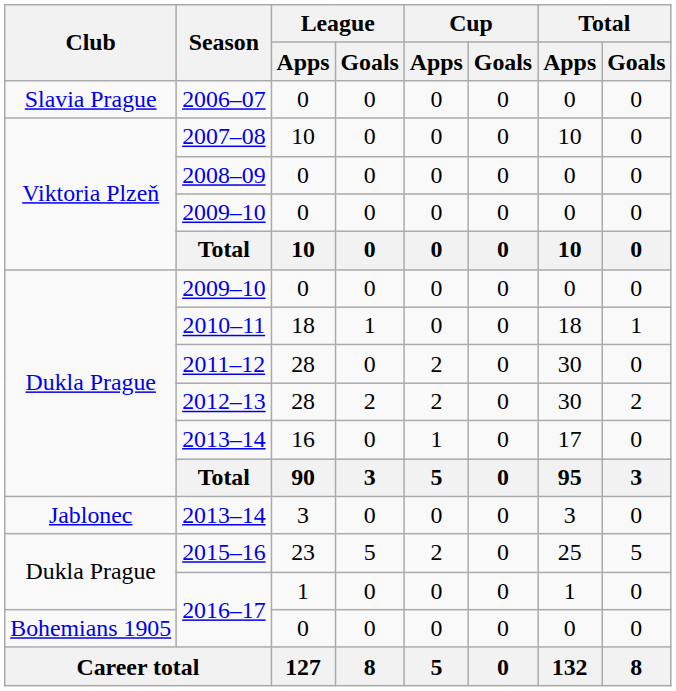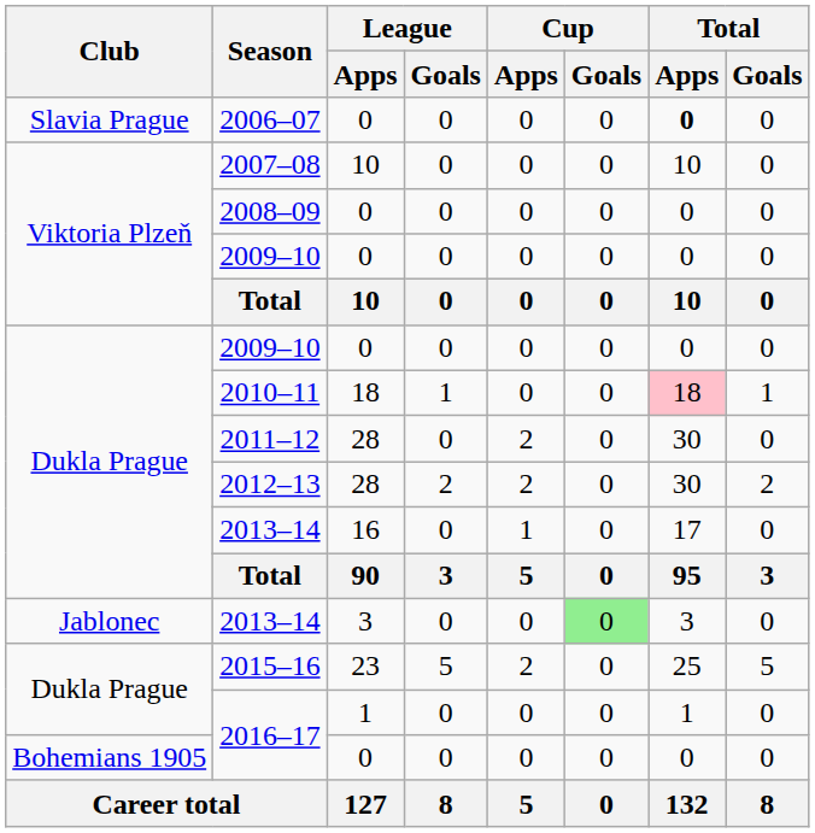 <table class="wikitable" style="text-align:center">
 <tr>
 <th rowspan="2">Club</th>
 <th rowspan="2">Season</th>
 <th colspan="2">League</th>
 <th colspan="2">Cup</th>
 <th colspan="2">Total</th>
 </tr>
 <tr>
 <th>Apps</th>
 <th>Goals</th>
 <th>Apps</th>
 <th>Goals</th>
 <th>Apps</th>
 <th>Goals</th>
 </tr>
 <tr>
 <td><a href='#'>Slavia Prague</a></td>
 <td><a href='#'>2006–07</a></td>
 <td>0</td>
 <td>0</td>
 <td>0</td>
 <td>0</td>
-<td>0</td>
+<td><strong>0</strong></td>
 <td>0</td>
 </tr>
 <tr>
 <td rowspan="4"><a href='#'>Viktoria Plzeň</a></td>
 <td><a href='#'>2007–08</a></td>
 <td>10</td>
 <td>0</td>
 <td>0</td>
 <td>0</td>
 <td>10</td>
 <td>0</td>
 </tr>
 <tr>
 <td><a href='#'>2008–09</a></td>
 <td>0</td>
 <td>0</td>
 <td>0</td>
 <td>0</td>
 <td>0</td>
 <td>0</td>
 </tr>
 <tr>
 <td><a href='#'>2009–10</a></td>
 <td>0</td>
 <td>0</td>
 <td>0</td>
 <td>0</td>
 <td>0</td>
 <td>0</td>
 </tr>
 <tr>
 <th>Total</th>
 <th>10</th>
 <th>0</th>
 <th>0</th>
 <th>0</th>
 <th>10</th>
 <th>0</th>
 </tr>
 <tr>
 <td rowspan="6"><a href='#'>Dukla Prague</a></td>
 <td><a href='#'>2009–10</a></td>
 <td>0</td>
 <td>0</td>
 <td>0</td>
 <td>0</td>
 <td>0</td>
 <td>0</td>
 </tr>
 <tr>
 <td><a href='#'>2010–11</a></td>
 <td>18</td>
 <td>1</td>
 <td>0</td>
 <td>0</td>
-<td>18</td>
+<td style="background: pink;">18</td>
 <td>1</td>
 </tr>
 <tr>
 <td><a href='#'>2011–12</a></td>
 <td>28</td>
 <td>0</td>
 <td>2</td>
 <td>0</td>
 <td>30</td>
 <td>0</td>
 </tr>
 <tr>
 <td><a href='#'>2012–13</a></td>
 <td>28</td>
 <td>2</td>
 <td>2</td>
 <td>0</td>
 <td>30</td>
 <td>2</td>
 </tr>
 <tr>
 <td><a href='#'>2013–14</a></td>
 <td>16</td>
 <td>0</td>
 <td>1</td>
 <td>0</td>
 <td>17</td>
 <td>0</td>
 </tr>
 <tr>
 <th>Total</th>
 <th>90</th>
 <th>3</th>
 <th>5</th>
 <th>0</th>
 <th>95</th>
 <th>3</th>
 </tr>
 <tr>
 <td><a href='#'>Jablonec</a></td>
 <td><a href='#'>2013–14</a></td>
 <td>3</td>
 <td>0</td>
 <td>0</td>
-<td>0</td>
+<td style="background: lightgreen;">0</td>
 <td>3</td>
 <td>0</td>
 </tr>
 <tr>
 <td rowspan="2">Dukla Prague</td>
 <td><a href='#'>2015–16</a></td>
 <td>23</td>
 <td>5</td>
 <td>2</td>
 <td>0</td>
 <td>25</td>
 <td>5</td>
 </tr>
 <tr>
 <td rowspan="2"><a href='#'>2016–17</a></td>
 <td>1</td>
 <td>0</td>
 <td>0</td>
 <td>0</td>
 <td>1</td>
 <td>0</td>
 </tr>
 <tr>
 <td><a href='#'>Bohemians 1905</a></td>
 <td>0</td>
 <td>0</td>
 <td>0</td>
 <td>0</td>
 <td>0</td>
 <td>0</td>
 </tr>
 <tr>
 <th colspan="2">Career total</th>
 <th>127</th>
 <th>8</th>
 <th>5</th>
 <th>0</th>
 <th>132</th>
 <th>8</th>
 </tr>
 </table>
